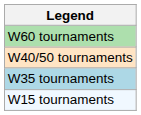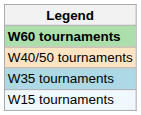 <table class="wikitable" style="font-size:85%">
 <tr>
 <th>Legend</th>
 </tr>
 <tr style="background:#addfad;">
-<td>W60 tournaments</td>
+<td><strong>W60 tournaments</strong></td>
 </tr>
 <tr style="background:#ffe4c4;">
 <td>W40/50 tournaments</td>
 </tr>
 <tr style="background:lightblue;">
 <td>W35 tournaments</td>
 </tr>
 <tr style="background:#f0f8ff;">
 <td>W15 tournaments</td>
 </tr>
 </table>
